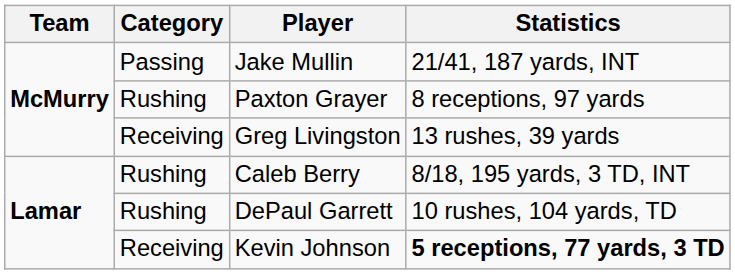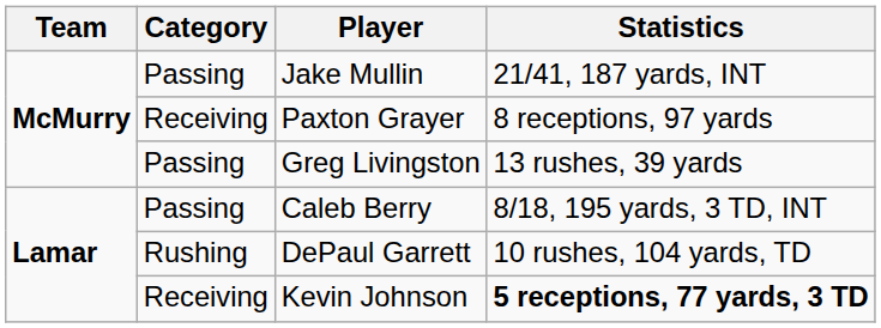 <table class="wikitable" style="float: left;">
 <tr>
 <th>Team</th>
 <th>Category</th>
 <th>Player</th>
 <th>Statistics</th>
 </tr>
 <tr>
 <td rowspan=3><strong>McMurry</strong></td>
 <td>Passing</td>
 <td>Jake Mullin</td>
 <td>21/41, 187 yards, INT</td>
 </tr>
 <tr>
-<td>Rushing</td>
+<td>Receiving</td>
 <td>Paxton Grayer</td>
 <td>8 receptions, 97 yards</td>
 </tr>
 <tr>
-<td>Receiving</td>
+<td>Passing</td>
 <td>Greg Livingston</td>
 <td>13 rushes, 39 yards</td>
 </tr>
 <tr>
 <td rowspan=3><strong>Lamar</strong></td>
-<td>Rushing</td>
+<td>Passing</td>
 <td>Caleb Berry</td>
 <td>8/18, 195 yards, 3 TD, INT</td>
 </tr>
 <tr>
 <td>Rushing</td>
 <td>DePaul Garrett</td>
 <td>10 rushes, 104 yards, TD</td>
 </tr>
 <tr>
 <td>Receiving</td>
 <td>Kevin Johnson</td>
 <td><strong>5 receptions, 77 yards, 3 TD</strong></td>
 </tr>
 </table>
